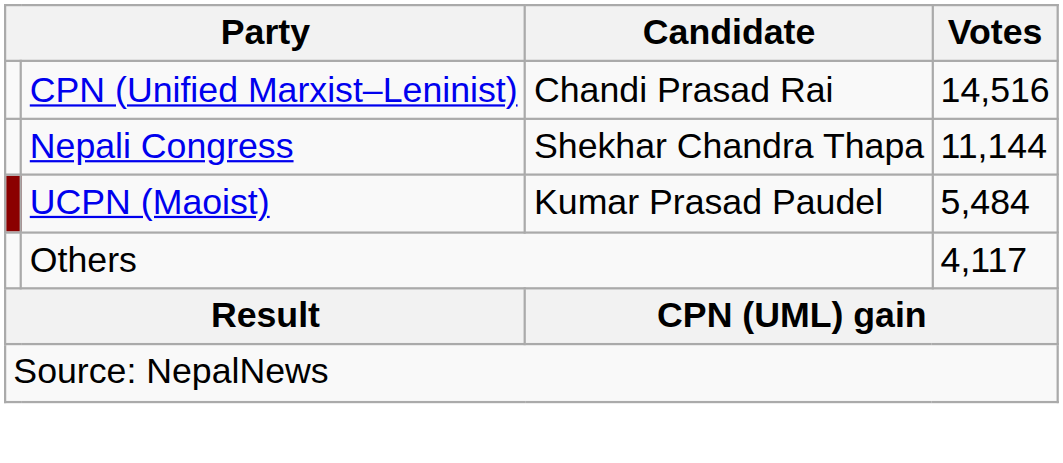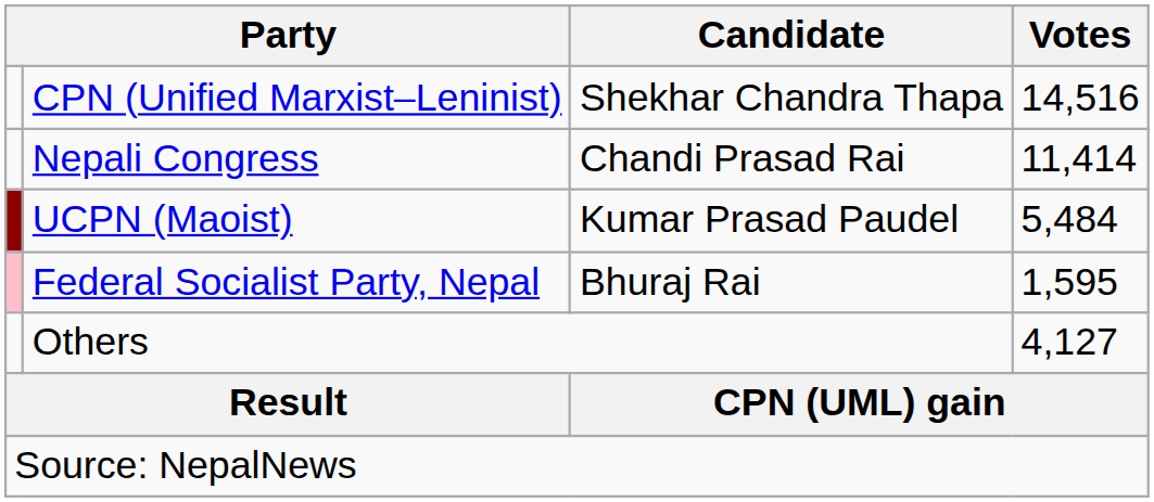 <table class="wikitable">
 <tr>
 <th colspan="2">Party</th>
 <th>Candidate</th>
 <th>Votes</th>
 </tr>
 <tr>
 <td style="background-color:"></td>
 <td><a href='#'>CPN (Unified Marxist–Leninist)</a></td>
-<td>Chandi Prasad Rai</td>
+<td>Shekhar Chandra Thapa</td>
 <td>14,516</td>
 </tr>
 <tr>
 <td style="background-color:"></td>
 <td><a href='#'>Nepali Congress</a></td>
-<td>Shekhar Chandra Thapa</td>
-<td>11,144</td>
+<td>Chandi Prasad Rai</td>
+<td>11,414</td>
 </tr>
 <tr>
 <td style="background-color:darkred"></td>
 <td><a href='#'>UCPN (Maoist)</a></td>
 <td>Kumar Prasad Paudel</td>
 <td>5,484</td>
 </tr>
 <tr>
+<td style="background-color:pink"></td>
+<td><a href='#'>Federal Socialist Party, Nepal</a></td>
+<td>Bhuraj Rai</td>
+<td>1,595</td>
+</tr>
+<tr>
 <td></td>
 <td colspan="2">Others</td>
-<td>4,117</td>
+<td>4,127</td>
 </tr>
 <tr>
 <th colspan="2">Result</th>
 <th colspan="2">CPN (UML) gain</th>
 </tr>
 <tr>
 <td colspan="4">Source: NepalNews</td>
 </tr>
 </table>
